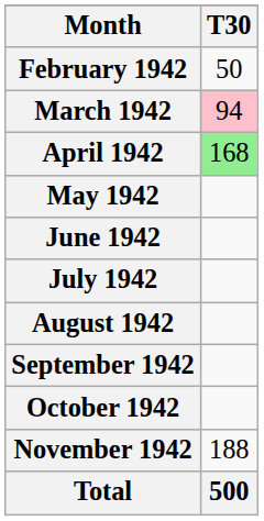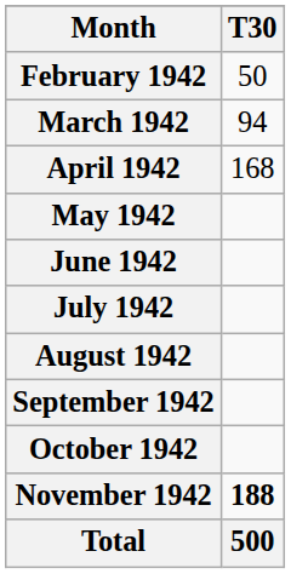 <table class="wikitable">
 <tr style="vertical-align:top; text-align:center; ">
 </tr>
 <tr style="vertical-align:top; text-align:center;">
 <th>Month</th>
 <th>T30</th>
 </tr>
 <tr style="vertical-align:top; text-align:center;">
 <th>February 1942</th>
 <td>50</td>
 </tr>
 <tr style="vertical-align:top; text-align:center;">
 <th>March 1942</th>
-<td style="background: pink;">94</td>
+<td>94</td>
 </tr>
 <tr style="vertical-align:top; text-align:center;">
 <th>April 1942</th>
-<td style="background: lightgreen;">168</td>
+<td>168</td>
 </tr>
 <tr style="vertical-align:top; text-align:center;">
 <th>May 1942</th>
 <td></td>
 </tr>
 <tr style="vertical-align:top; text-align:center;">
 <th>June 1942</th>
 <td></td>
 </tr>
 <tr style="vertical-align:top; text-align:center;">
 <th>July 1942</th>
 <td></td>
 </tr>
 <tr style="vertical-align:top; text-align:center;">
 <th>August 1942</th>
 <td></td>
 </tr>
 <tr style="vertical-align:top; text-align:center;">
 <th>September 1942</th>
 <td></td>
 </tr>
 <tr style="vertical-align:top; text-align:center;">
 <th>October 1942</th>
 <td></td>
 </tr>
 <tr style="vertical-align:top; text-align:center;">
 <th>November 1942</th>
-<td>188</td>
+<td><strong>188</strong></td>
 </tr>
 <tr style="vertical-align:top; text-align:center;">
 <th>Total</th>
 <th>500</th>
 </tr>
 </table>
